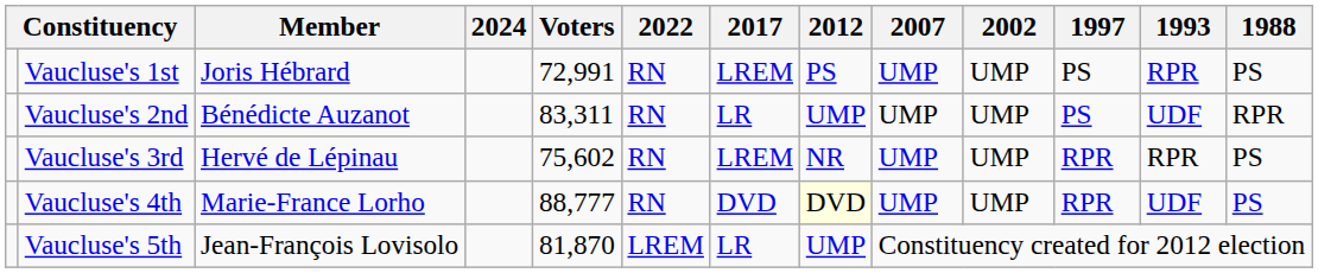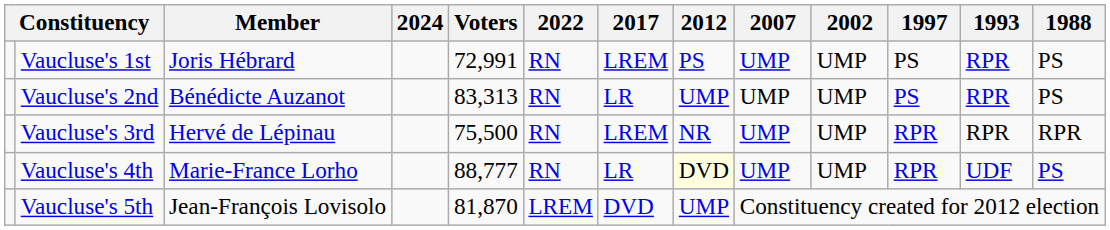 <table class="wikitable sortable">
 <tr>
 <th colspan="2">Constituency</th>
 <th>Member</th>
 <th>2024</th>
 <th>Voters</th>
 <th>2022</th>
 <th>2017</th>
 <th>2012</th>
 <th>2007</th>
 <th>2002</th>
 <th>1997</th>
 <th>1993</th>
 <th>1988</th>
 </tr>
 <tr>
 <td style="background-color: "></td>
 <td><a href='#'>Vaucluse's 1st</a></td>
 <td><a href='#'>Joris Hébrard</a></td>
 <td></td>
 <td>72,991</td>
 <td><a href='#'>RN</a></td>
 <td><a href='#'>LREM</a></td>
 <td><a href='#'>PS</a></td>
 <td><a href='#'>UMP</a></td>
 <td>UMP</td>
 <td>PS</td>
 <td><a href='#'>RPR</a></td>
 <td>PS</td>
 </tr>
 <tr>
 <td style="background-color: "></td>
 <td><a href='#'>Vaucluse's 2nd</a></td>
 <td><a href='#'>Bénédicte Auzanot</a></td>
 <td></td>
-<td>83,311</td>
+<td>83,313</td>
 <td><a href='#'>RN</a></td>
 <td><a href='#'>LR</a></td>
 <td><a href='#'>UMP</a></td>
 <td>UMP</td>
 <td>UMP</td>
 <td><a href='#'>PS</a></td>
-<td><a href='#'>UDF</a></td>
-<td>RPR</td>
+<td><a href='#'>RPR</a></td>
+<td>PS</td>
 </tr>
 <tr>
 <td style="background-color: "></td>
 <td><a href='#'>Vaucluse's 3rd</a></td>
 <td><a href='#'>Hervé de Lépinau</a></td>
 <td></td>
-<td>75,602</td>
+<td>75,500</td>
 <td><a href='#'>RN</a></td>
 <td><a href='#'>LREM</a></td>
 <td><a href='#'>NR</a></td>
 <td><a href='#'>UMP</a></td>
 <td>UMP</td>
 <td><a href='#'>RPR</a></td>
 <td>RPR</td>
-<td>PS</td>
+<td>RPR</td>
 </tr>
 <tr>
 <td style="background-color: "></td>
 <td><a href='#'>Vaucluse's 4th</a></td>
 <td><a href='#'>Marie-France Lorho</a></td>
 <td></td>
 <td>88,777</td>
 <td><a href='#'>RN</a></td>
-<td><a href='#'>DVD</a></td>
+<td><a href='#'>LR</a></td>
 <td style="background: lightyellow;">DVD</td>
 <td><a href='#'>UMP</a></td>
 <td>UMP</td>
 <td><a href='#'>RPR</a></td>
 <td><a href='#'>UDF</a></td>
 <td><a href='#'>PS</a></td>
 </tr>
 <tr>
 <td style="background-color: "></td>
 <td><a href='#'>Vaucluse's 5th</a></td>
 <td>Jean-François Lovisolo</td>
 <td></td>
 <td>81,870</td>
 <td><a href='#'>LREM</a></td>
-<td><a href='#'>LR</a></td>
+<td><a href='#'>DVD</a></td>
 <td><a href='#'>UMP</a></td>
 <td colspan="5">Constituency created for 2012 election</td>
 </tr>
 </table>
